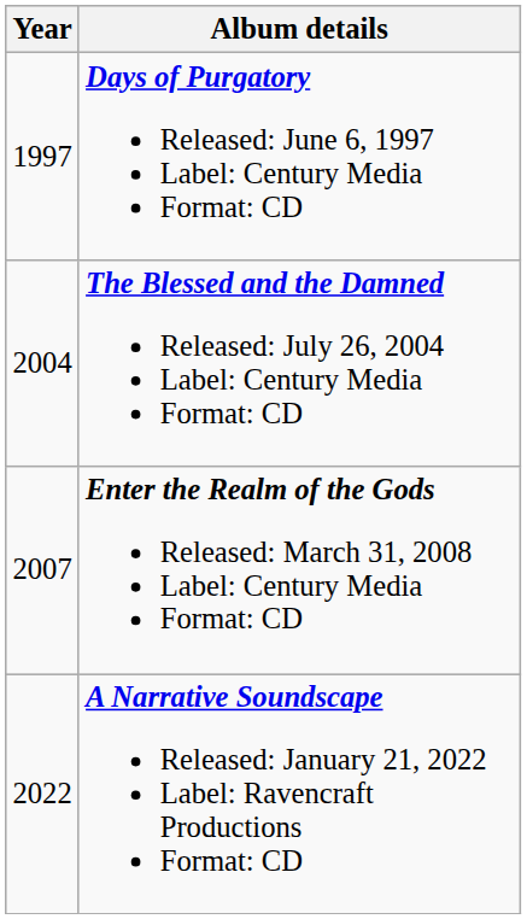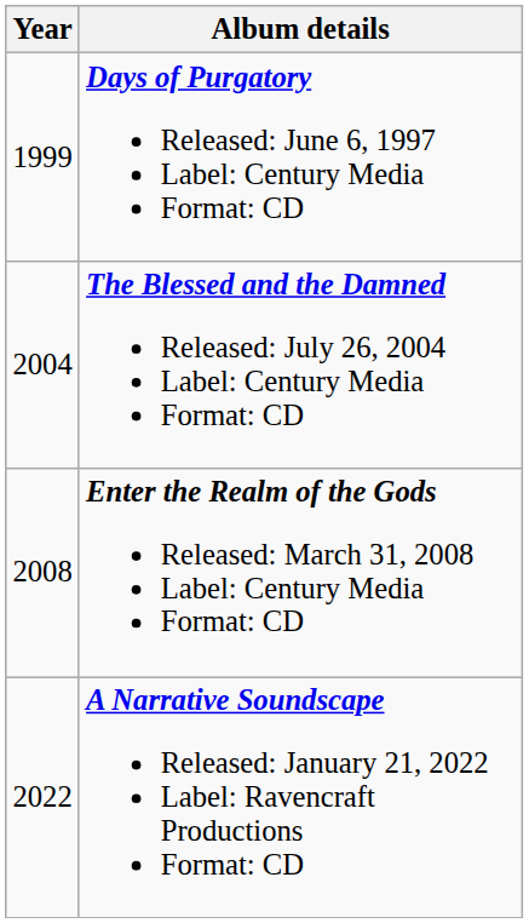 <table class="wikitable" border="1">
 <tr>
 <th>Year</th>
 <th width="230">Album details</th>
 </tr>
 <tr>
-<td>1997</td>
+<td>1999</td>
 <td><strong><em><a href='#'>Days of Purgatory</a></em></strong><br><ul><li>Released: June 6, 1997</li><li>Label: Century Media</li><li>Format: CD</li></ul></td>
 </tr>
 <tr>
 <td>2004</td>
 <td><strong><em><a href='#'>The Blessed and the Damned</a></em></strong><br><ul><li>Released: July 26, 2004</li><li>Label: Century Media</li><li>Format: CD</li></ul></td>
 </tr>
 <tr>
-<td>2007</td>
+<td>2008</td>
 <td><strong><em>Enter the Realm of the Gods</em></strong><br><ul><li>Released: March 31, 2008</li><li>Label: Century Media</li><li>Format: CD</li></ul></td>
 </tr>
 <tr>
 <td>2022</td>
 <td><strong><em><a href='#'>A Narrative Soundscape</a></em></strong><br><ul><li>Released: January 21, 2022</li><li>Label: Ravencraft Productions</li><li>Format: CD</li></ul></td>
 </tr>
 </table>
